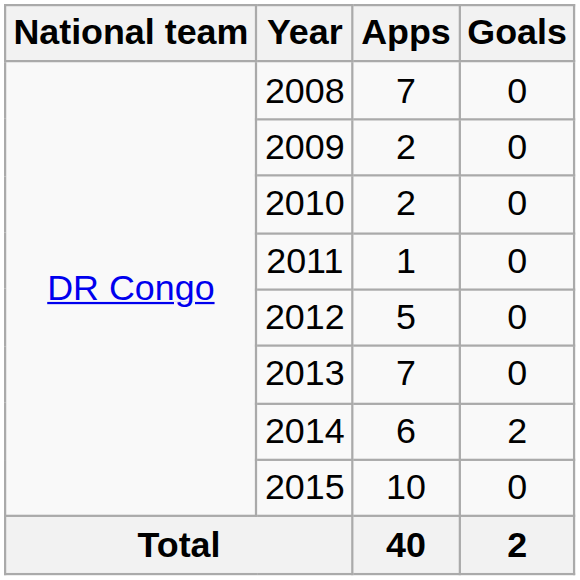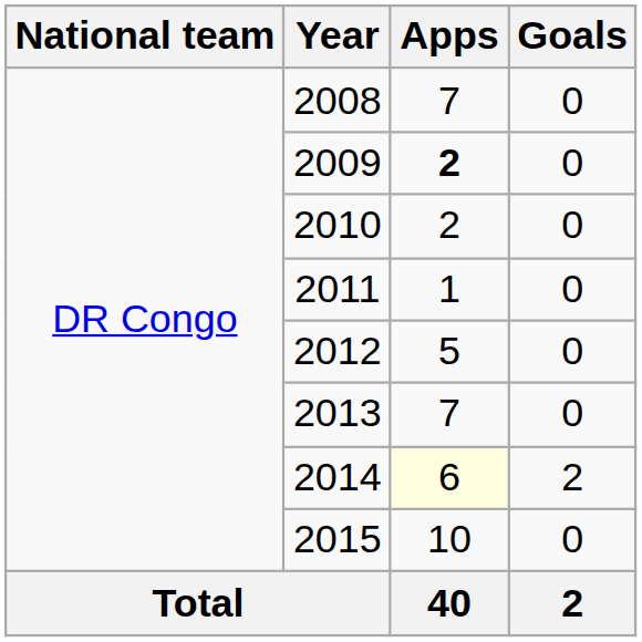 <table class="wikitable" style="text-align: center;">
 <tr>
 <th>National team</th>
 <th>Year</th>
 <th>Apps</th>
 <th>Goals</th>
 </tr>
 <tr>
 <td rowspan="8"><a href='#'>DR Congo</a></td>
 <td>2008</td>
 <td>7</td>
 <td>0</td>
 </tr>
 <tr>
 <td>2009</td>
-<td>2</td>
+<td><strong>2</strong></td>
 <td>0</td>
 </tr>
 <tr>
 <td>2010</td>
 <td>2</td>
 <td>0</td>
 </tr>
 <tr>
 <td>2011</td>
 <td>1</td>
 <td>0</td>
 </tr>
 <tr>
 <td>2012</td>
 <td>5</td>
 <td>0</td>
 </tr>
 <tr>
 <td>2013</td>
 <td>7</td>
 <td>0</td>
 </tr>
 <tr>
 <td>2014</td>
-<td>6</td>
+<td style="background: lightyellow;">6</td>
 <td>2</td>
 </tr>
 <tr>
 <td>2015</td>
 <td>10</td>
 <td>0</td>
 </tr>
 <tr>
 <th colspan="2">Total</th>
 <th>40</th>
 <th>2</th>
 </tr>
 </table>
